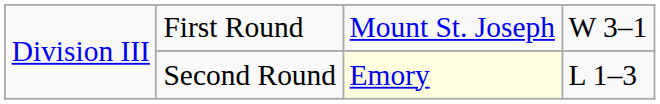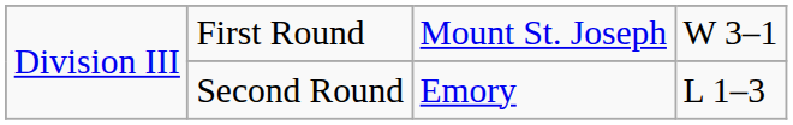 <table class="wikitable">
 <tr>
 <td rowspan="5"><a href='#'>Division III</a></td>
 <td>First Round</td>
 <td><a href='#'>Mount St. Joseph</a></td>
 <td>W 3–1</td>
 </tr>
 <tr>
 <td>Second Round</td>
-<td style="background: lightyellow;"><a href='#'>Emory</a></td>
+<td><a href='#'>Emory</a></td>
 <td>L 1–3</td>
 </tr>
 </table>
